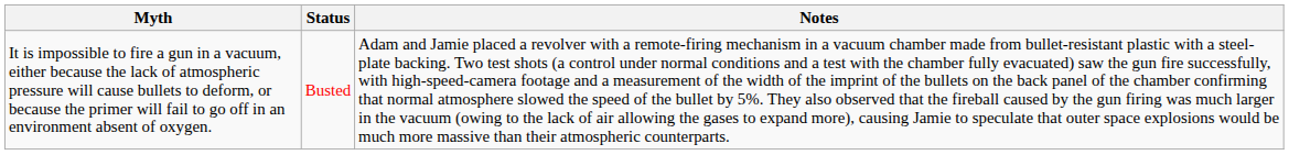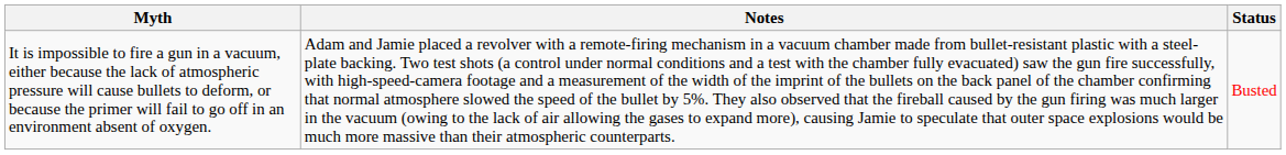 <table class="wikitable plainrowheaders">
 <tr>
 <th scope"col">Myth</th>
+<th scope"col">Notes</th>
 <th scope"col">Status</th>
-<th scope"col">Notes</th>
 </tr>
 <tr>
 <td scope"row">It is impossible to fire a gun in a vacuum, either because the lack of atmospheric pressure will cause bullets to deform, or because the primer will fail to go off in an environment absent of oxygen.</td>
+<td>Adam and Jamie placed a revolver with a remote-firing mechanism in a vacuum chamber made from bullet-resistant plastic with a steel-plate backing. Two test shots (a control under normal conditions and a test with the chamber fully evacuated) saw the gun fire successfully, with high-speed-camera footage and a measurement of the width of the imprint of the bullets on the back panel of the chamber confirming that normal atmosphere slowed the speed of the bullet by 5%. They also observed that the fireball caused by the gun firing was much larger in the vacuum (owing to the lack of air allowing the gases to expand more), causing Jamie to speculate that outer space explosions would be much more massive than their atmospheric counterparts.</td>
 <td style="color:red">Busted</td>
-<td>Adam and Jamie placed a revolver with a remote-firing mechanism in a vacuum chamber made from bullet-resistant plastic with a steel-plate backing. Two test shots (a control under normal conditions and a test with the chamber fully evacuated) saw the gun fire successfully, with high-speed-camera footage and a measurement of the width of the imprint of the bullets on the back panel of the chamber confirming that normal atmosphere slowed the speed of the bullet by 5%. They also observed that the fireball caused by the gun firing was much larger in the vacuum (owing to the lack of air allowing the gases to expand more), causing Jamie to speculate that outer space explosions would be much more massive than their atmospheric counterparts.</td>
 </tr>
 </table>
